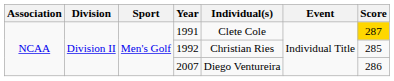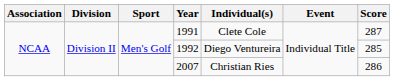 <table class="wikitable" style="text-align:center">
 <tr>
 <th>Association</th>
 <th>Division</th>
 <th>Sport</th>
 <th>Year</th>
 <th>Individual(s)</th>
 <th>Event</th>
 <th>Score</th>
 </tr>
 <tr>
 <td rowspan="3"><a href='#'>NCAA</a></td>
 <td rowspan="3"><a href='#'>Division II</a></td>
 <td rowspan="3"><a href='#'>Men's Golf</a></td>
 <td>1991</td>
 <td>Clete Cole</td>
 <td rowspan="3">Individual Title</td>
-<td style="background: gold;">287</td>
+<td>287</td>
 </tr>
 <tr>
 <td>1992</td>
-<td>Christian Ries</td>
+<td>Diego Ventureira</td>
 <td>285</td>
 </tr>
 <tr>
 <td>2007</td>
-<td>Diego Ventureira</td>
+<td>Christian Ries</td>
 <td>286</td>
 </tr>
 </table>
